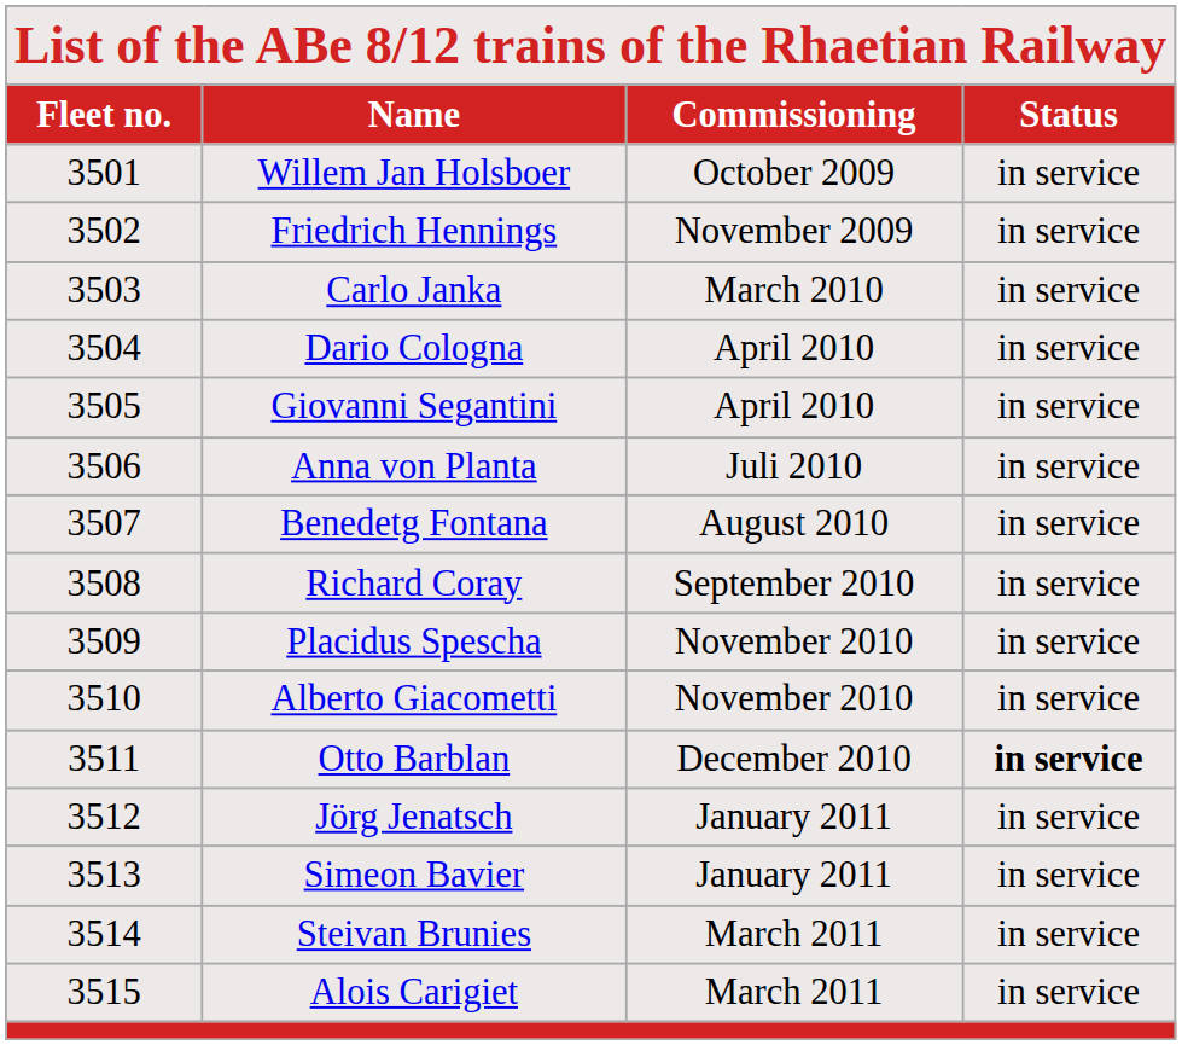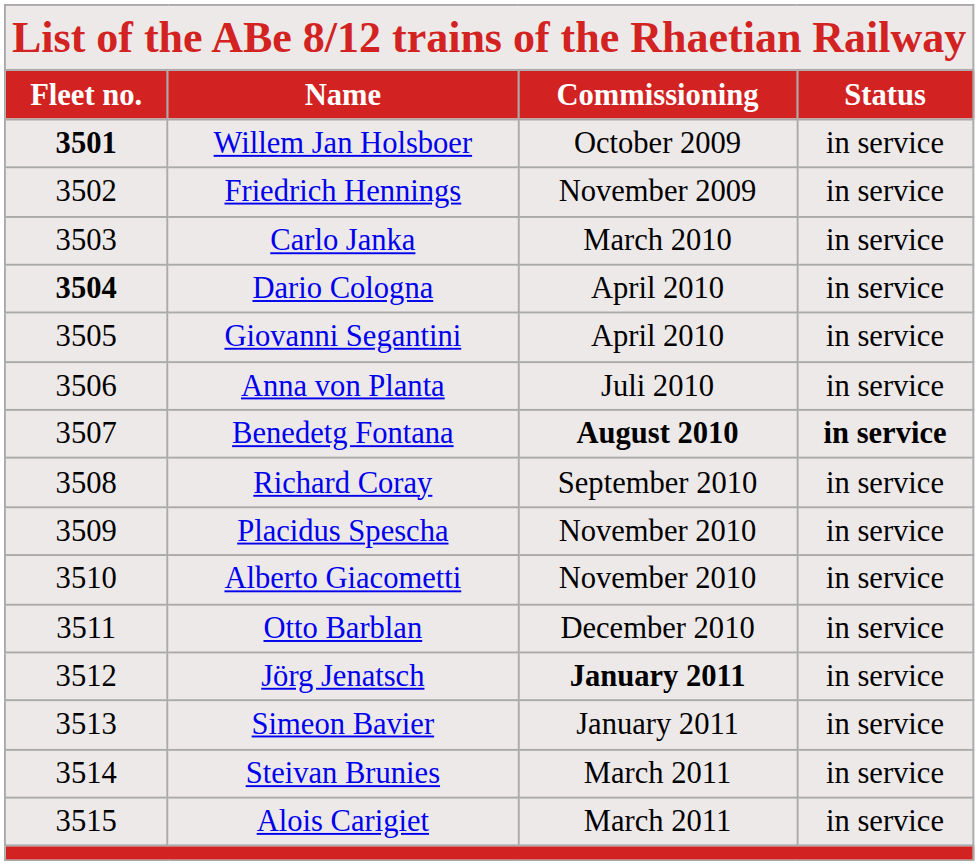 <table class="wikitable">
 <tr bgcolor="#EEE9E9" align="center" span style="color:#D22222">
 <td colspan="4"><big><big><strong>List of the ABe 8/12 trains of the Rhaetian Railway</strong></big></big></td>
 </tr>
 <tr bgcolor="#D22222" align="center" span style="color:#ffffff">
 <td><strong>Fleet no.</strong></td>
 <td><strong>Name</strong></td>
 <td><strong>Commissioning</strong></td>
 <td><strong>Status</strong></td>
 </tr>
 <tr bgcolor="#EEE9E9" align="center">
-<td>3501</td>
+<td><strong>3501</strong></td>
 <td><a href='#'>Willem Jan Holsboer</a></td>
 <td>October 2009</td>
 <td>in service</td>
 </tr>
 <tr bgcolor="#EEE9E9" align="center">
 <td>3502</td>
 <td><a href='#'>Friedrich Hennings</a></td>
 <td>November 2009</td>
 <td>in service</td>
 </tr>
 <tr bgcolor="#EEE9E9" align="center">
 <td>3503</td>
 <td><a href='#'>Carlo Janka</a></td>
 <td>March 2010</td>
 <td>in service</td>
 </tr>
 <tr bgcolor="#EEE9E9" align="center">
-<td>3504</td>
+<td><strong>3504</strong></td>
 <td><a href='#'>Dario Cologna</a></td>
 <td>April 2010</td>
 <td>in service</td>
 </tr>
 <tr bgcolor="#EEE9E9" align="center">
 <td>3505</td>
 <td><a href='#'>Giovanni Segantini</a></td>
 <td>April 2010</td>
 <td>in service</td>
 </tr>
 <tr bgcolor="#EEE9E9" align="center">
 <td>3506</td>
 <td><a href='#'>Anna von Planta</a></td>
 <td>Juli 2010</td>
 <td>in service</td>
 </tr>
 <tr bgcolor="#EEE9E9" align="center">
 <td>3507</td>
 <td><a href='#'>Benedetg Fontana</a> </td>
-<td>August 2010</td>
-<td>in service</td>
+<td><strong>August 2010</strong></td>
+<td><strong>in service</strong></td>
 </tr>
 <tr bgcolor="#EEE9E9" align="center">
 <td>3508</td>
 <td><a href='#'>Richard Coray</a></td>
 <td>September 2010</td>
 <td>in service</td>
 </tr>
 <tr bgcolor="#EEE9E9" align="center">
 <td>3509</td>
 <td><a href='#'>Placidus Spescha</a></td>
 <td>November 2010</td>
 <td>in service</td>
 </tr>
 <tr bgcolor="#EEE9E9" align="center">
 <td>3510</td>
 <td><a href='#'>Alberto Giacometti</a></td>
 <td>November 2010</td>
 <td>in service</td>
 </tr>
 <tr bgcolor="#EEE9E9" align="center">
 <td>3511</td>
 <td><a href='#'>Otto Barblan</a></td>
 <td>December 2010</td>
-<td><strong>in service</strong></td>
+<td>in service</td>
 </tr>
 <tr bgcolor="#EEE9E9" align="center">
 <td>3512</td>
 <td><a href='#'>Jörg Jenatsch</a></td>
-<td>January 2011</td>
+<td><strong>January 2011</strong></td>
 <td>in service</td>
 </tr>
 <tr bgcolor="#EEE9E9" align="center">
 <td>3513</td>
 <td><a href='#'>Simeon Bavier</a></td>
 <td>January 2011</td>
 <td>in service</td>
 </tr>
 <tr bgcolor="#EEE9E9" align="center">
 <td>3514</td>
 <td><a href='#'>Steivan Brunies</a></td>
 <td>March 2011</td>
 <td>in service</td>
 </tr>
 <tr bgcolor="#EEE9E9" align="center">
 <td>3515</td>
 <td><a href='#'>Alois Carigiet</a></td>
 <td>March 2011</td>
 <td>in service</td>
 </tr>
 <tr bgcolor="#D22222" align="center" span style="color:#ffffff">
 <td colspan="6"></td>
 </tr>
 </table>
